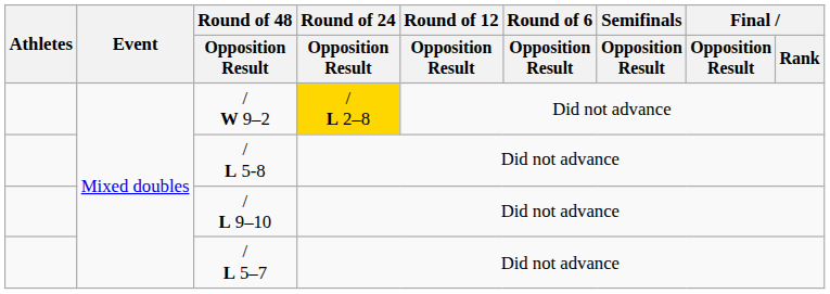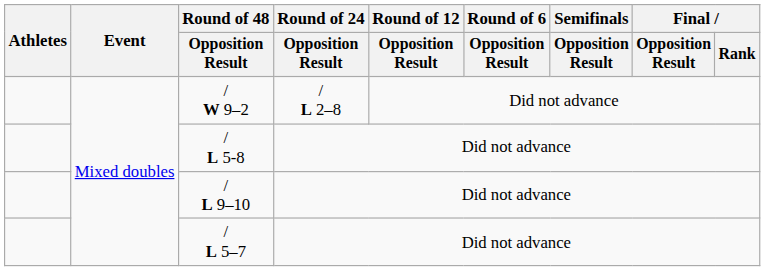 <table class="wikitable" style="font-size:90%; text-align:center;">
 <tr>
 <th rowspan=2>Athletes</th>
 <th rowspan=2>Event</th>
 <th>Round of 48</th>
 <th>Round of 24</th>
 <th>Round of 12</th>
 <th>Round of 6</th>
 <th>Semifinals</th>
 <th colspan=2>Final / </th>
 </tr>
 <tr style="font-size:95%">
 <th>Opposition<br>Result</th>
 <th>Opposition<br>Result</th>
 <th>Opposition<br>Result</th>
 <th>Opposition<br>Result</th>
 <th>Opposition<br>Result</th>
 <th>Opposition<br>Result</th>
 <th>Rank</th>
 </tr>
 <tr>
 <td align=left><br></td>
 <td align=left rowspan=4><a href='#'>Mixed doubles</a></td>
 <td> / <br><strong>W</strong> 9–2</td>
-<td style="background: gold;"> / <br><strong>L</strong> 2–8</td>
+<td> / <br><strong>L</strong> 2–8</td>
 <td colspan=5>Did not advance</td>
 </tr>
 <tr>
 <td align=left><br></td>
 <td> / <br><strong>L</strong> 5-8</td>
 <td colspan=6>Did not advance</td>
 </tr>
 <tr>
 <td align=left><br></td>
 <td> / <br><strong>L</strong> 9–10</td>
 <td colspan=6>Did not advance</td>
 </tr>
 <tr>
 <td align=left><br></td>
 <td> / <br><strong>L</strong> 5–7</td>
 <td colspan=6>Did not advance</td>
 </tr>
 </table>
